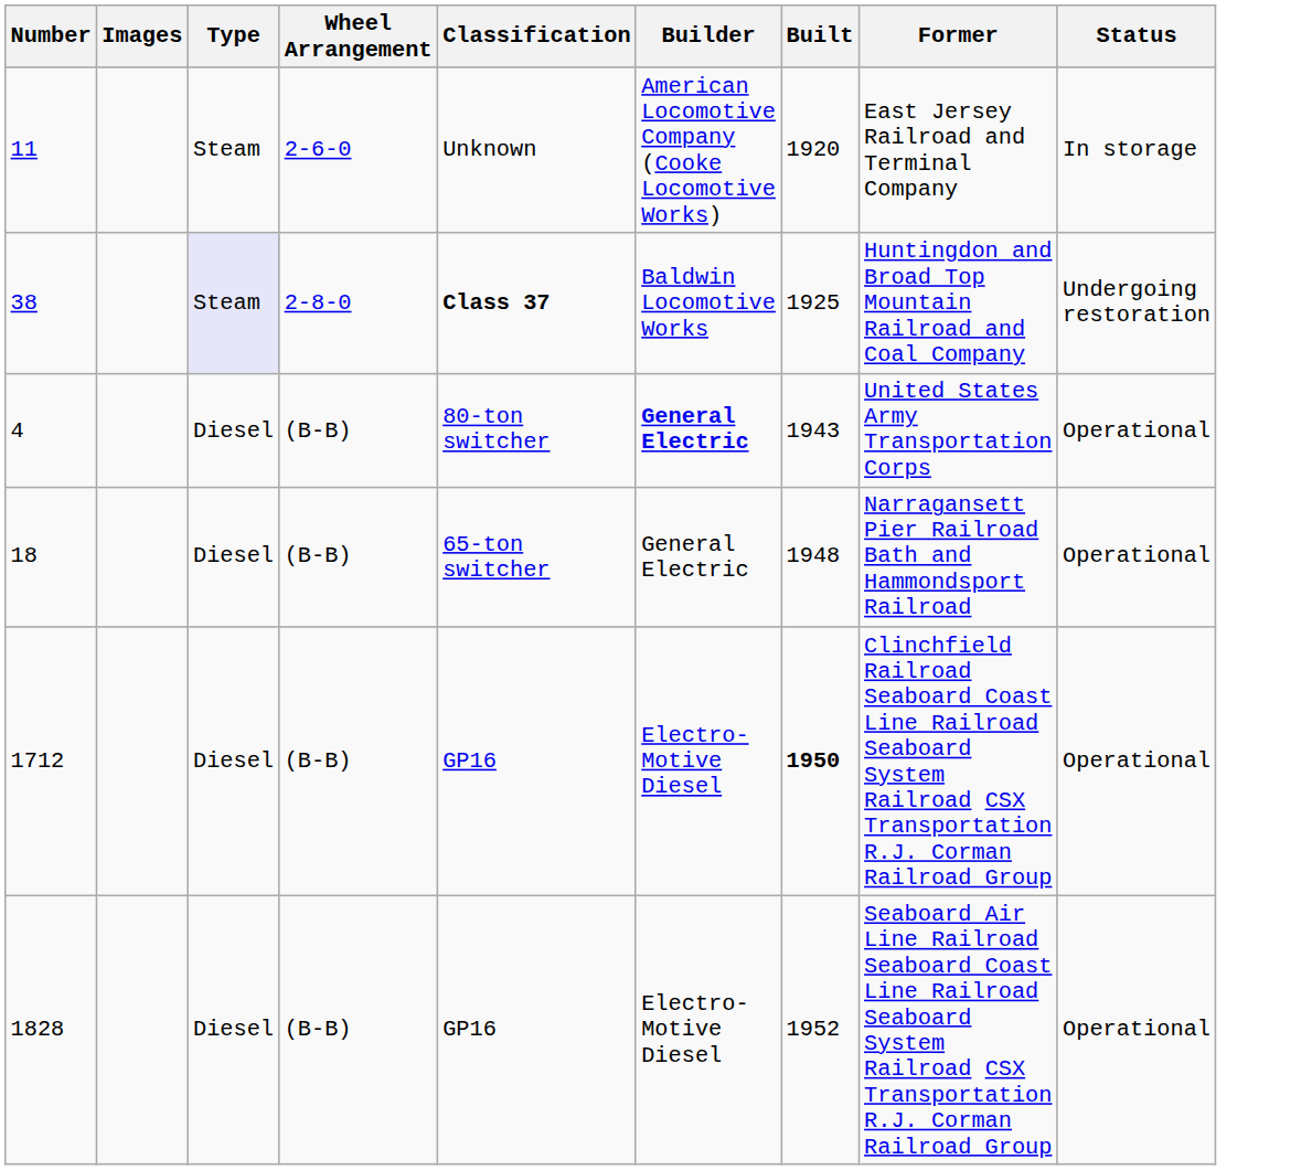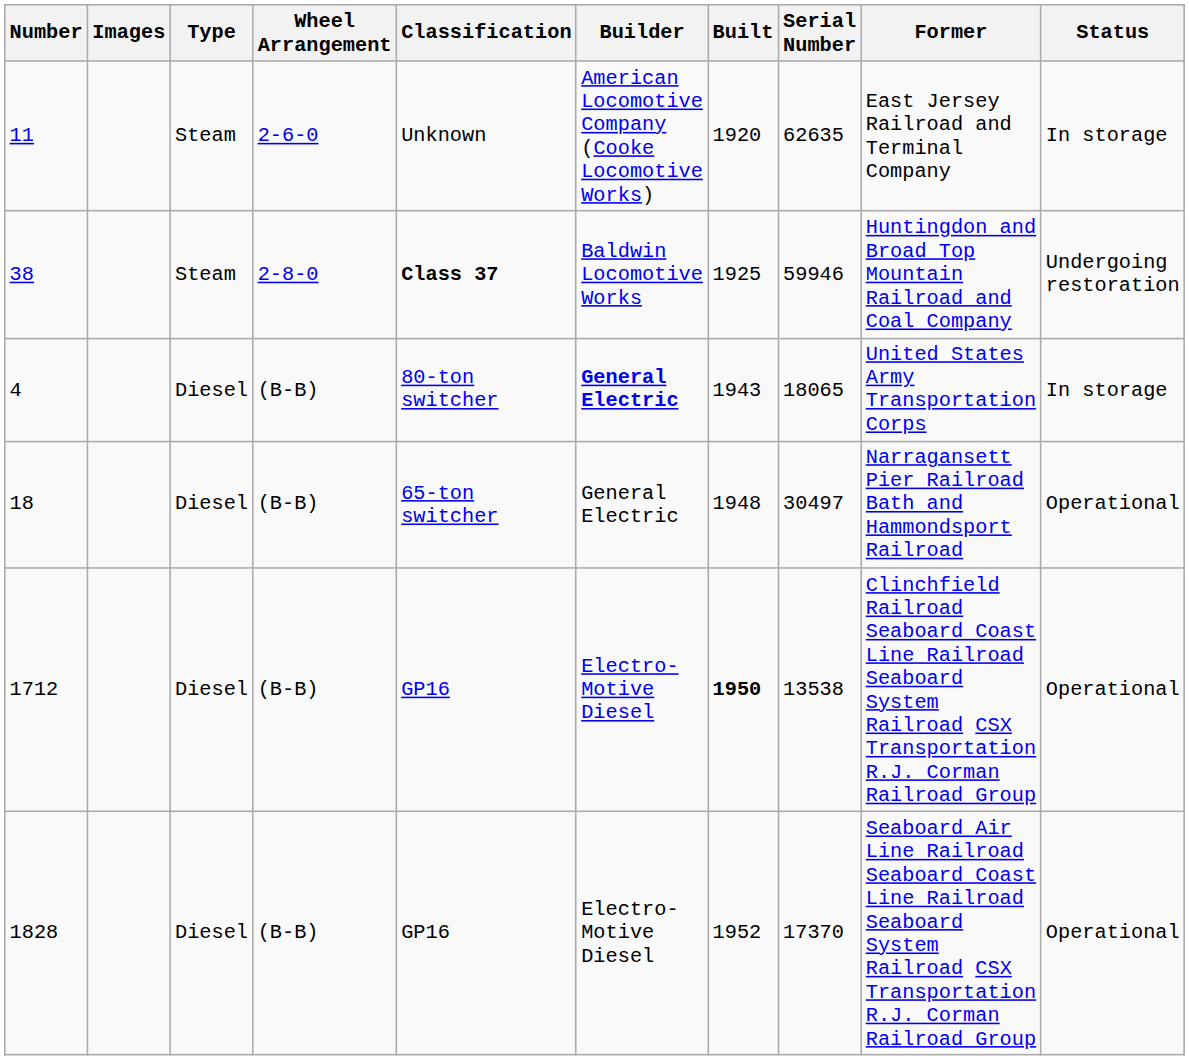 <table class="wikitable">
 <tr>
 <th>Number</th>
 <th>Images</th>
 <th>Type</th>
 <th>Wheel Arrangement</th>
 <th>Classification</th>
 <th>Builder</th>
 <th>Built</th>
+<th>Serial Number</th>
 <th>Former</th>
 <th>Status</th>
 </tr>
 <tr>
 <td><a href='#'>11</a></td>
 <td></td>
 <td>Steam</td>
 <td><a href='#'>2-6-0</a></td>
 <td>Unknown</td>
 <td><a href='#'>American Locomotive Company</a> (<a href='#'>Cooke Locomotive Works</a>)</td>
 <td>1920</td>
+<td>62635</td>
 <td>East Jersey Railroad and Terminal Company</td>
 <td>In storage</td>
 </tr>
 <tr>
 <td><a href='#'>38</a></td>
 <td></td>
-<td style="background: lavender;">Steam</td>
+<td>Steam</td>
 <td><a href='#'>2-8-0</a></td>
 <td><strong>Class 37</strong></td>
 <td><a href='#'>Baldwin Locomotive Works</a></td>
 <td>1925</td>
+<td>59946</td>
 <td><a href='#'>Huntingdon and Broad Top Mountain Railroad and Coal Company</a></td>
 <td>Undergoing restoration</td>
 </tr>
 <tr>
 <td>4</td>
 <td></td>
 <td>Diesel</td>
 <td>(B-B)</td>
 <td><a href='#'>80-ton switcher</a></td>
 <td><strong><a href='#'>General Electric</a></strong></td>
 <td>1943</td>
+<td>18065</td>
 <td><a href='#'>United States Army Transportation Corps</a></td>
-<td>Operational</td>
+<td>In storage</td>
 </tr>
 <tr>
 <td>18</td>
 <td></td>
 <td>Diesel</td>
 <td>(B-B)</td>
 <td><a href='#'>65-ton switcher</a></td>
 <td>General Electric</td>
 <td>1948</td>
+<td>30497</td>
 <td><a href='#'>Narragansett Pier Railroad</a><br><a href='#'>Bath and Hammondsport Railroad</a></td>
 <td>Operational</td>
 </tr>
 <tr>
 <td>1712</td>
 <td></td>
 <td>Diesel</td>
 <td>(B-B)</td>
 <td><a href='#'>GP16</a></td>
 <td><a href='#'>Electro-Motive Diesel</a></td>
 <td><strong>1950</strong></td>
+<td>13538</td>
 <td><a href='#'>Clinchfield Railroad</a> <a href='#'>Seaboard Coast Line Railroad</a><br><a href='#'>Seaboard System Railroad</a>  <a href='#'>CSX Transportation</a>  <a href='#'>R.J. Corman Railroad Group</a></td>
 <td>Operational</td>
 </tr>
 <tr>
 <td>1828</td>
 <td></td>
 <td>Diesel</td>
 <td>(B-B)</td>
 <td>GP16</td>
 <td>Electro-Motive Diesel</td>
 <td>1952</td>
+<td>17370</td>
 <td><a href='#'>Seaboard Air Line Railroad</a><br><a href='#'>Seaboard Coast Line Railroad</a>  <a href='#'>Seaboard System Railroad</a>  <a href='#'>CSX Transportation</a>  <a href='#'>R.J. Corman Railroad Group</a></td>
 <td>Operational</td>
 </tr>
 </table>
